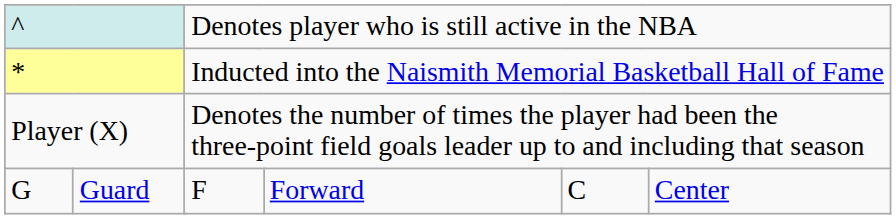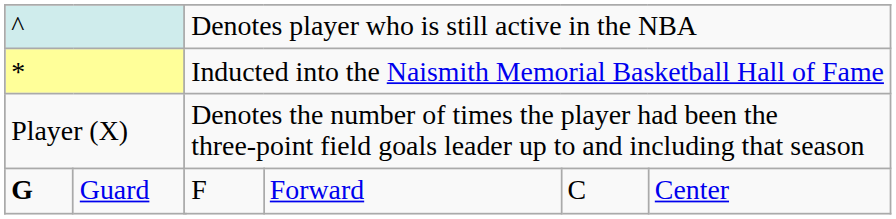 <table class="wikitable">
 <tr>
 <td style="background:#cfecec; width:6em;" colspan="2">^</td>
 <td colspan=5>Denotes player who is still active in the NBA</td>
 </tr>
 <tr>
 <td style="background-color:#FFFF99; width:6em" colspan=2>*</td>
 <td colspan=5>Inducted into the <a href='#'>Naismith Memorial Basketball Hall of Fame</a></td>
 </tr>
 <tr>
 <td colspan=2>Player (X)</td>
 <td colspan=5>Denotes the number of times the player had been the<br>three-point field goals leader up to and including that season</td>
 </tr>
 <tr>
-<td style="width:2em">G</td>
+<td style="width:2em"><strong>G</strong></td>
 <td colspan=2><a href='#'>Guard</a></td>
 <td>F</td>
 <td><a href='#'>Forward</a></td>
 <td>C</td>
 <td><a href='#'>Center</a></td>
 </tr>
 </table>
